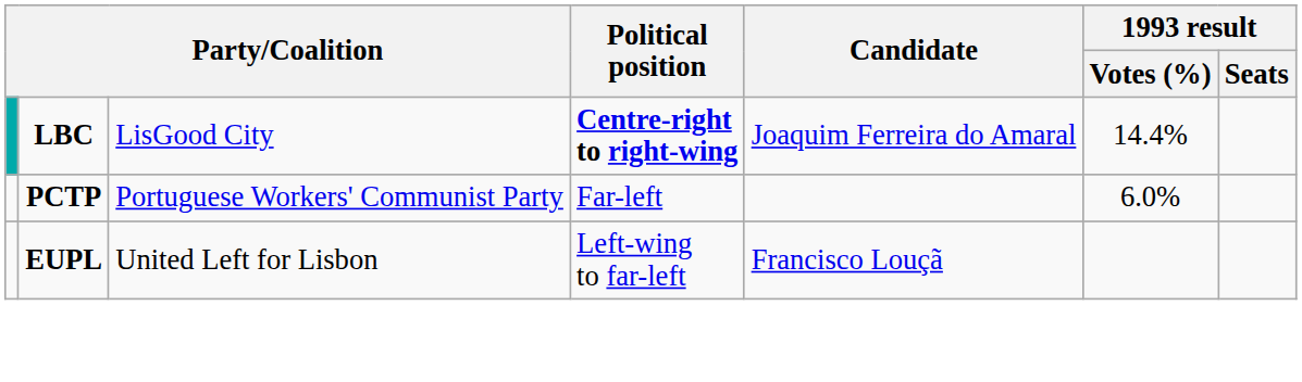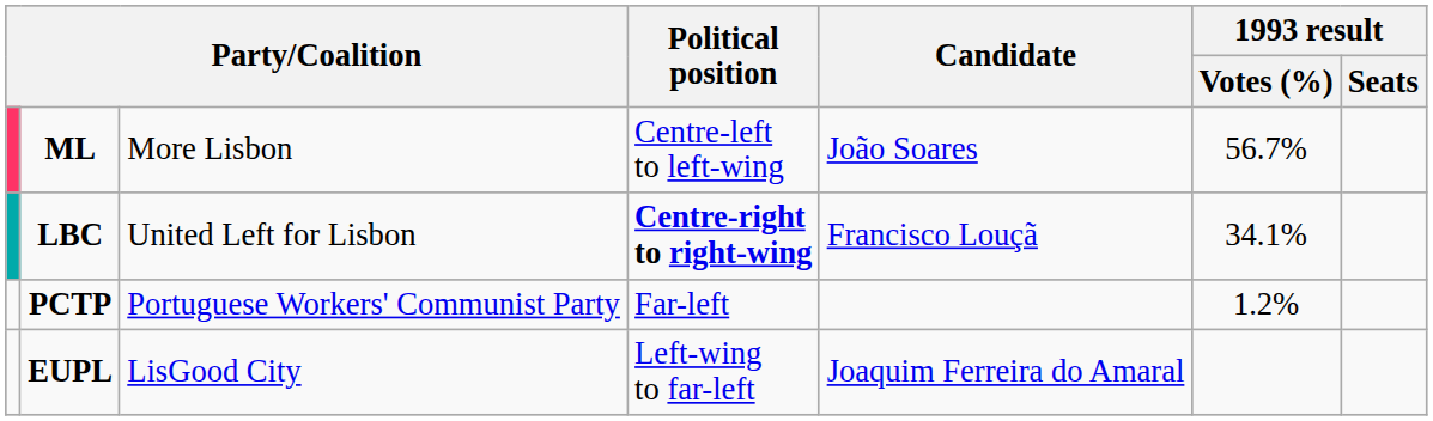 <table class="wikitable">
 <tr>
 <th colspan="3" rowspan="2">Party/Coalition</th>
 <th rowspan="2">Political<br>position</th>
 <th rowspan="2">Candidate</th>
 <th colspan="2">1993 result</th>
 </tr>
 <tr>
 <th>Votes (%)</th>
 <th>Seats</th>
 </tr>
 <tr>
+<td style="background:#FF3366;"></td>
+<td style="text-align:center;"><strong>ML</strong></td>
+<td>More Lisbon<br> </td>
+<td><a href='#'>Centre-left</a><br>to <a href='#'>left-wing</a></td>
+<td><a href='#'>João Soares</a></td>
+<td style="text-align:center;">56.7%</td>
+<td></td>
+</tr>
+<tr>
 <td style="background:#00AAAA;"></td>
 <td style="text-align:center;"><strong>LBC</strong></td>
-<td><a href='#'>LisGood City</a><br> </td>
+<td>United Left for Lisbon<br> </td>
 <td><strong><a href='#'>Centre-right</a><br>to <a href='#'>right-wing</a></strong></td>
-<td><a href='#'>Joaquim Ferreira do Amaral</a></td>
-<td style="text-align:center;">14.4%</td>
+<td><a href='#'>Francisco Louçã</a></td>
+<td style="text-align:center;">34.1%</td>
 <td></td>
 </tr>
 <tr>
 <td style="background:"></td>
 <td style="text-align:center;"><strong>PCTP</strong></td>
 <td><a href='#'>Portuguese Workers' Communist Party</a><br></td>
 <td><a href='#'>Far-left</a></td>
 <td></td>
-<td style="text-align:center;">6.0%</td>
+<td style="text-align:center;">1.2%</td>
 <td></td>
 </tr>
 <tr>
 <td style="background:"></td>
 <td style="text-align:center;"><strong>EUPL</strong></td>
-<td>United Left for Lisbon<br> </td>
+<td><a href='#'>LisGood City</a><br> </td>
 <td><a href='#'>Left-wing</a><br>to <a href='#'>far-left</a></td>
-<td><a href='#'>Francisco Louçã</a></td>
+<td><a href='#'>Joaquim Ferreira do Amaral</a></td>
 <td></td>
 <td></td>
 </tr>
 </table>
